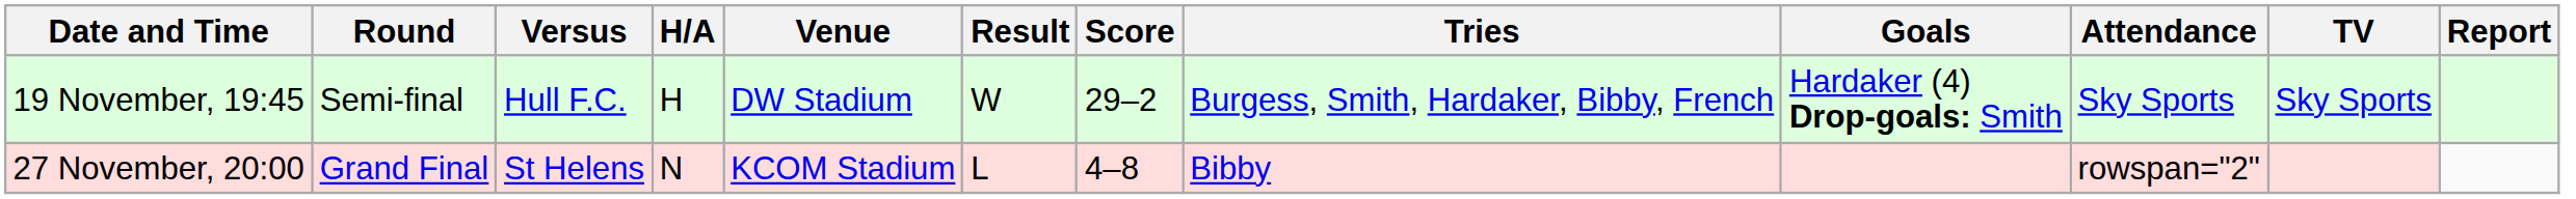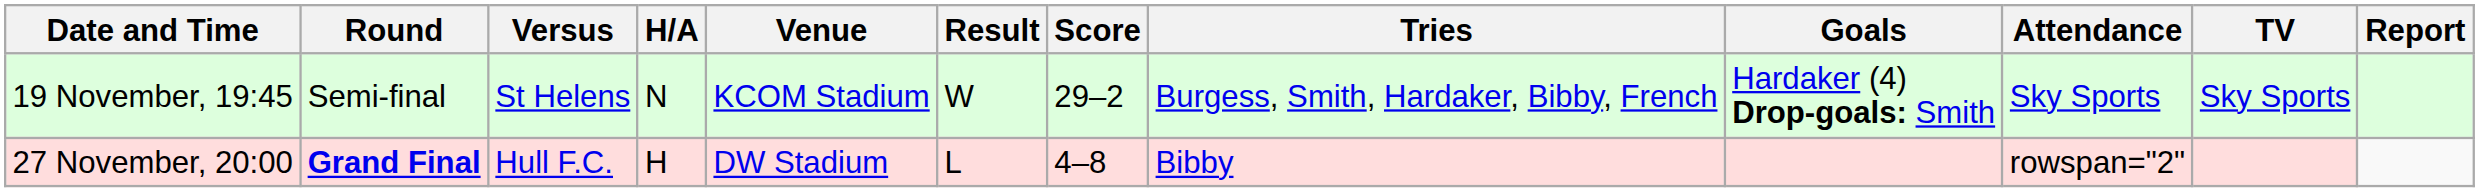 <table class="wikitable" style="font-size:85%;">
 <tr>
 <th>Date and Time</th>
 <th>Round</th>
 <th>Versus</th>
 <th>H/A</th>
 <th>Venue</th>
 <th>Result</th>
 <th>Score</th>
 <th>Tries</th>
 <th>Goals</th>
 <th>Attendance</th>
 <th>TV</th>
 <th>Report</th>
 </tr>
 <tr style="background:#ddffdd;">
 <td>19 November, 19:45</td>
 <td>Semi-final</td>
-<td> <a href='#'>Hull F.C.</a></td>
-<td>H</td>
-<td><a href='#'>DW Stadium</a></td>
+<td> <a href='#'>St Helens</a></td>
+<td>N</td>
+<td><a href='#'>KCOM Stadium</a></td>
 <td>W</td>
 <td>29–2</td>
 <td><a href='#'>Burgess</a>, <a href='#'>Smith</a>, <a href='#'>Hardaker</a>, <a href='#'>Bibby</a>, <a href='#'>French</a></td>
 <td><a href='#'>Hardaker</a> (4)<br><strong>Drop-goals:</strong> <a href='#'>Smith</a></td>
 <td><a href='#'>Sky Sports</a></td>
 <td><a href='#'>Sky Sports</a></td>
 <td></td>
 </tr>
 <tr style="background:#ffdddd;">
 <td>27 November, 20:00</td>
-<td><a href='#'>Grand Final</a></td>
-<td> <a href='#'>St Helens</a></td>
-<td>N</td>
-<td><a href='#'>KCOM Stadium</a></td>
+<td><strong><a href='#'>Grand Final</a></strong></td>
+<td> <a href='#'>Hull F.C.</a></td>
+<td>H</td>
+<td><a href='#'>DW Stadium</a></td>
 <td>L</td>
 <td>4–8</td>
 <td><a href='#'>Bibby</a></td>
 <td></td>
 <td>rowspan="2"</td>
 <td></td>
 </tr>
 </table>
